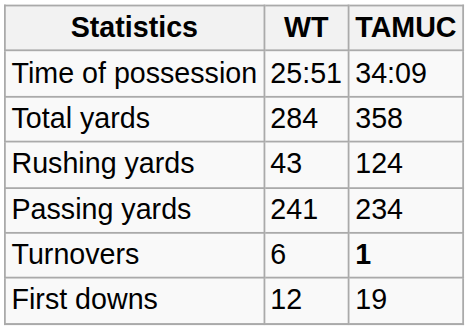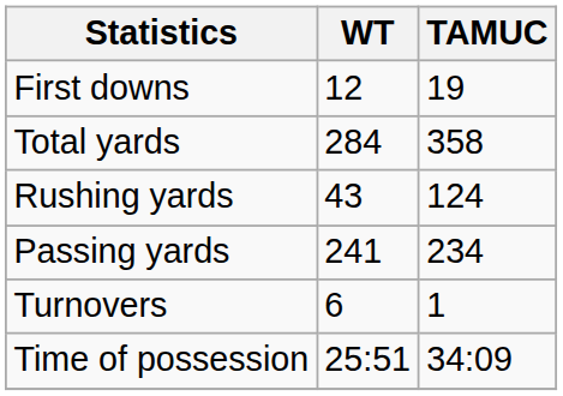 <table class="wikitable" style="float: left;">
 <tr>
 <th>Statistics</th>
 <th>WT</th>
 <th>TAMUC</th>
 </tr>
 <tr>
-<td>Time of possession</td>
-<td>25:51</td>
-<td>34:09</td>
+<td>First downs</td>
+<td>12</td>
+<td>19</td>
 </tr>
 <tr>
 <td>Total yards</td>
 <td>284</td>
 <td>358</td>
 </tr>
 <tr>
 <td>Rushing yards</td>
 <td>43</td>
 <td>124</td>
 </tr>
 <tr>
 <td>Passing yards</td>
 <td>241</td>
 <td>234</td>
 </tr>
 <tr>
 <td>Turnovers</td>
 <td>6</td>
-<td><strong>1</strong></td>
+<td>1</td>
 </tr>
 <tr>
-<td>First downs</td>
-<td>12</td>
-<td>19</td>
+<td>Time of possession</td>
+<td>25:51</td>
+<td>34:09</td>
 </tr>
 <tr>
 </tr>
 </table>
